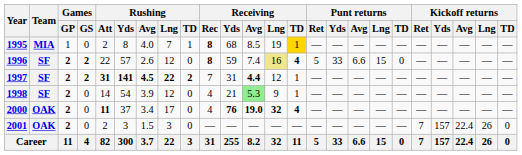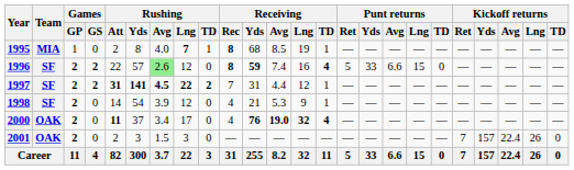 <table class="wikitable" style="text-align:center;">
 <tr>
 <th rowspan="2">Year</th>
 <th rowspan="2">Team</th>
 <th colspan="2">Games</th>
 <th colspan="5">Rushing</th>
 <th colspan="5">Receiving</th>
 <th colspan="5">Punt returns</th>
 <th colspan="5">Kickoff returns</th>
 </tr>
 <tr>
 <th>GP</th>
 <th>GS</th>
 <th>Att</th>
 <th>Yds</th>
 <th>Avg</th>
 <th>Lng</th>
 <th>TD</th>
 <th>Rec</th>
 <th>Yds</th>
 <th>Avg</th>
 <th>Lng</th>
 <th>TD</th>
 <th>Ret</th>
 <th>Yds</th>
 <th>Avg</th>
 <th>Lng</th>
 <th>TD</th>
 <th>Ret</th>
 <th>Yds</th>
 <th>Avg</th>
 <th>Lng</th>
 <th>TD</th>
 </tr>
 <tr>
 <th><a href='#'>1995</a></th>
 <th><a href='#'>MIA</a></th>
 <td>1</td>
 <td>0</td>
 <td>2</td>
 <td>8</td>
 <td>4.0</td>
-<td>7</td>
+<td><strong>7</strong></td>
 <td>1</td>
 <td><strong>8</strong></td>
 <td>68</td>
 <td>8.5</td>
 <td>19</td>
-<td style="background: gold;">1</td>
+<td>1</td>
 <td>—</td>
 <td>—</td>
 <td>—</td>
 <td>—</td>
 <td>—</td>
 <td>—</td>
 <td>—</td>
 <td>—</td>
 <td>—</td>
 <td>—</td>
 </tr>
 <tr>
 <th><a href='#'>1996</a></th>
 <th><a href='#'>SF</a></th>
 <td><strong>2</strong></td>
 <td><strong>2</strong></td>
 <td>22</td>
 <td>57</td>
-<td>2.6</td>
+<td style="background: lightgreen;">2.6</td>
 <td>12</td>
 <td>0</td>
 <td><strong>8</strong></td>
-<td>59</td>
+<td><strong>59</strong></td>
 <td>7.4</td>
-<td style="background: khaki;">16</td>
+<td>16</td>
 <td><strong>4</strong></td>
 <td>5</td>
 <td>33</td>
 <td>6.6</td>
 <td>15</td>
 <td>0</td>
 <td>—</td>
 <td>—</td>
 <td>—</td>
 <td>—</td>
 <td>—</td>
 </tr>
 <tr>
 <th><a href='#'>1997</a></th>
 <th><a href='#'>SF</a></th>
 <td><strong>2</strong></td>
 <td><strong>2</strong></td>
 <td><strong>31</strong></td>
 <td><strong>141</strong></td>
 <td><strong>4.5</strong></td>
 <td><strong>22</strong></td>
 <td><strong>2</strong></td>
 <td>7</td>
 <td>31</td>
-<td><strong>4.4</strong></td>
+<td>4.4</td>
 <td>12</td>
 <td>1</td>
 <td>—</td>
 <td>—</td>
 <td>—</td>
 <td>—</td>
 <td>—</td>
 <td>—</td>
 <td>—</td>
 <td>—</td>
 <td>—</td>
 <td>—</td>
 </tr>
 <tr>
 <th><a href='#'>1998</a></th>
 <th><a href='#'>SF</a></th>
 <td><strong>2</strong></td>
 <td>0</td>
 <td>14</td>
 <td>54</td>
 <td>3.9</td>
 <td>12</td>
 <td>0</td>
 <td>4</td>
 <td>21</td>
-<td style="background: lightgreen;">5.3</td>
+<td>5.3</td>
 <td>9</td>
 <td>1</td>
 <td>—</td>
 <td>—</td>
 <td>—</td>
 <td>—</td>
 <td>—</td>
 <td>—</td>
 <td>—</td>
 <td>—</td>
 <td>—</td>
 <td>—</td>
 </tr>
 <tr>
 <th><a href='#'>2000</a></th>
 <th><a href='#'>OAK</a></th>
 <td><strong>2</strong></td>
 <td>0</td>
 <td><strong>11</strong></td>
 <td>37</td>
 <td>3.4</td>
 <td>17</td>
 <td>0</td>
 <td>4</td>
 <td><strong>76</strong></td>
 <td><strong>19.0</strong></td>
 <td><strong>32</strong></td>
 <td><strong>4</strong></td>
 <td>—</td>
 <td>—</td>
 <td>—</td>
 <td>—</td>
 <td>—</td>
 <td>—</td>
 <td>—</td>
 <td>—</td>
 <td>—</td>
 <td>—</td>
 </tr>
 <tr>
 <th><a href='#'>2001</a></th>
 <th><a href='#'>OAK</a></th>
 <td><strong>2</strong></td>
 <td>0</td>
 <td>2</td>
 <td>3</td>
 <td>1.5</td>
 <td>3</td>
 <td>0</td>
 <td>—</td>
 <td>—</td>
 <td>—</td>
 <td>—</td>
 <td>—</td>
 <td>—</td>
 <td>—</td>
 <td>—</td>
 <td>—</td>
 <td>—</td>
 <td>7</td>
 <td>157</td>
 <td>22.4</td>
 <td>26</td>
 <td>0</td>
 </tr>
 <tr>
 <th colspan="2">Career</th>
 <th>11</th>
 <th>4</th>
 <th>82</th>
 <th>300</th>
 <th>3.7</th>
 <th>22</th>
 <th>3</th>
 <th>31</th>
 <th>255</th>
 <th>8.2</th>
 <th>32</th>
 <th>11</th>
 <th>5</th>
 <th>33</th>
 <th>6.6</th>
 <th>15</th>
 <th>0</th>
 <th>7</th>
 <th>157</th>
 <th>22.4</th>
 <th>26</th>
 <th>0</th>
 </tr>
 </table>
